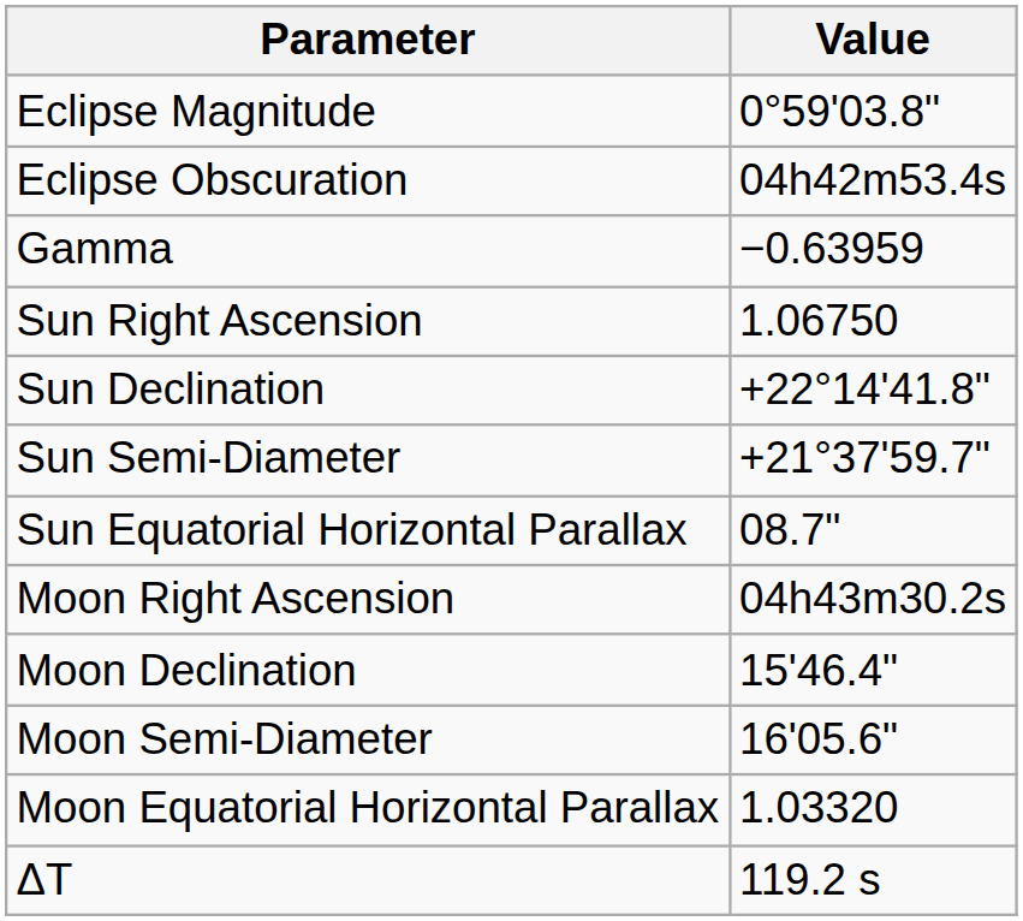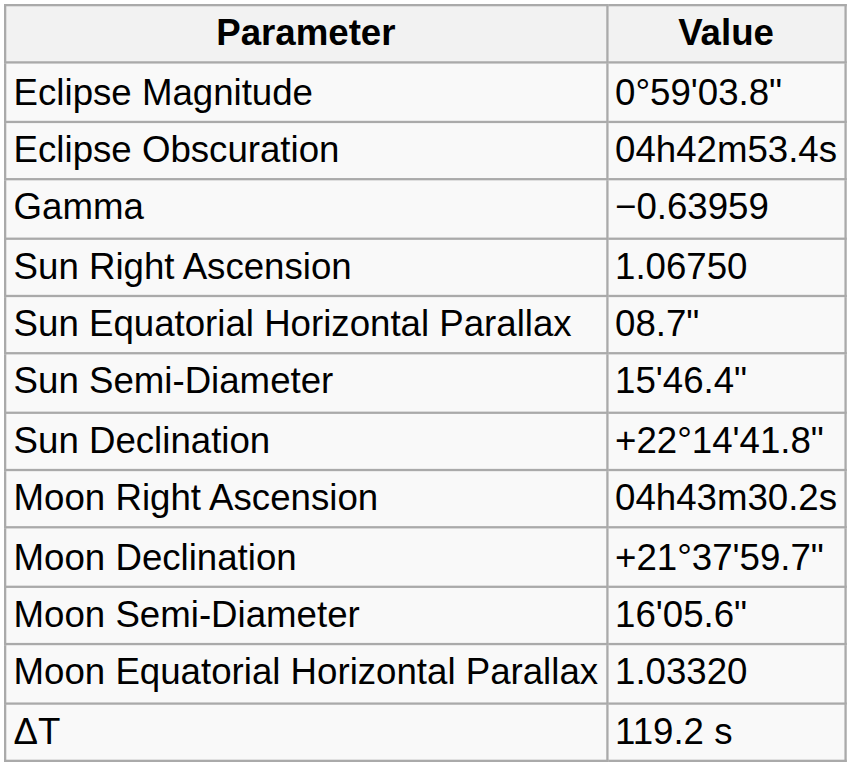 <table class="wikitable">
 <tr>
 <th>Parameter</th>
 <th>Value</th>
 </tr>
 <tr>
 <td>Eclipse Magnitude</td>
 <td>0°59'03.8"</td>
 </tr>
 <tr>
 <td>Eclipse Obscuration</td>
 <td>04h42m53.4s</td>
 </tr>
 <tr>
 <td>Gamma</td>
 <td>−0.63959</td>
 </tr>
 <tr>
 <td>Sun Right Ascension</td>
 <td>1.06750</td>
 </tr>
 <tr>
-<td>Sun Declination</td>
-<td>+22°14'41.8"</td>
+<td>Sun Equatorial Horizontal Parallax</td>
+<td>08.7"</td>
 </tr>
 <tr>
 <td>Sun Semi-Diameter</td>
-<td>+21°37'59.7"</td>
+<td>15'46.4"</td>
 </tr>
 <tr>
-<td>Sun Equatorial Horizontal Parallax</td>
-<td>08.7"</td>
+<td>Sun Declination</td>
+<td>+22°14'41.8"</td>
 </tr>
 <tr>
 <td>Moon Right Ascension</td>
 <td>04h43m30.2s</td>
 </tr>
 <tr>
 <td>Moon Declination</td>
-<td>15'46.4"</td>
+<td>+21°37'59.7"</td>
 </tr>
 <tr>
 <td>Moon Semi-Diameter</td>
 <td>16'05.6"</td>
 </tr>
 <tr>
 <td>Moon Equatorial Horizontal Parallax</td>
 <td>1.03320</td>
 </tr>
 <tr>
 <td>ΔT</td>
 <td>119.2 s</td>
 </tr>
 </table>
